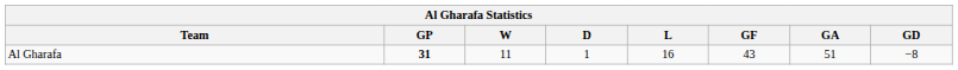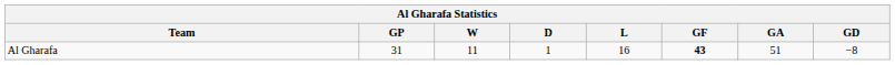 <table class="wikitable" style="width:90%; text-align:center; font-size: 90%;">
 <tr>
 <th colspan=8>Al Gharafa Statistics</th>
 </tr>
 <tr>
 <th style="width:28%;">Team</th>
 <th width=6%>GP</th>
 <th width=6%>W</th>
 <th width=6%>D</th>
 <th width=6%>L</th>
 <th width=6%>GF</th>
 <th width=6%>GA</th>
 <th width=6%>GD</th>
 </tr>
 <tr>
 <td align=left> Al Gharafa</td>
-<td><strong>31</strong></td>
+<td>31</td>
 <td>11</td>
 <td>1</td>
 <td>16</td>
-<td>43</td>
+<td><strong>43</strong></td>
 <td>51</td>
 <td>−8</td>
 </tr>
 </table>
